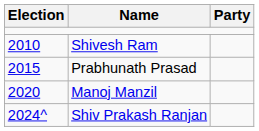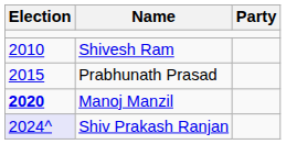 <table class="wikitable sortable">
 <tr>
 <th>Election</th>
 <th>Name</th>
 <th colspan=2>Party</th>
 </tr>
 <tr>
 <td colspan="4"></td>
 </tr>
 <tr>
 <td><a href='#'>2010</a></td>
 <td><a href='#'>Shivesh Ram</a></td>
 <td></td>
 </tr>
 <tr>
 <td><a href='#'>2015</a></td>
 <td>Prabhunath Prasad</td>
 <td></td>
 </tr>
 <tr>
-<td><a href='#'>2020</a></td>
+<td><strong><a href='#'>2020</a></strong></td>
 <td><a href='#'>Manoj Manzil</a></td>
 <td></td>
 </tr>
 <tr>
-<td><a href='#'>2024^</a></td>
+<td style="background: lavender;"><a href='#'>2024^</a></td>
 <td><a href='#'>Shiv Prakash Ranjan</a></td>
 </tr>
 </table>
